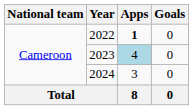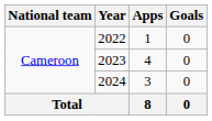 <table class="wikitable" style="text-align:center">
 <tr>
 <th>National team</th>
 <th>Year</th>
 <th>Apps</th>
 <th>Goals</th>
 </tr>
 <tr>
 <td rowspan="3"><a href='#'>Cameroon</a></td>
 <td>2022</td>
-<td><strong>1</strong></td>
+<td>1</td>
 <td>0</td>
 </tr>
 <tr>
 <td>2023</td>
-<td style="background: lightblue;">4</td>
+<td>4</td>
 <td>0</td>
 </tr>
 <tr>
 <td>2024</td>
 <td>3</td>
 <td>0</td>
 </tr>
 <tr>
 <th colspan="2">Total</th>
 <th>8</th>
 <th>0</th>
 </tr>
 </table>
